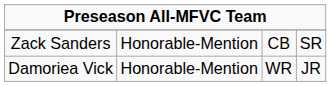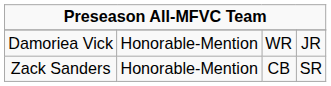 <table class="wikitable" style="display: inline-table;">
 <tr>
 <td align="center" Colspan="4"><strong>Preseason All-MFVC Team</strong></td>
 </tr>
 <tr align="center">
 </tr>
 <tr align="center">
+<td>Damoriea Vick</td>
+<td>Honorable-Mention</td>
+<td>WR</td>
+<td>JR</td>
+</tr>
+<tr align="center">
 <td>Zack Sanders</td>
 <td>Honorable-Mention</td>
 <td>CB</td>
 <td>SR</td>
 </tr>
-<tr align="center">
-<td>Damoriea Vick</td>
-<td>Honorable-Mention</td>
-<td>WR</td>
-<td>JR</td>
-</tr>
 </table>
